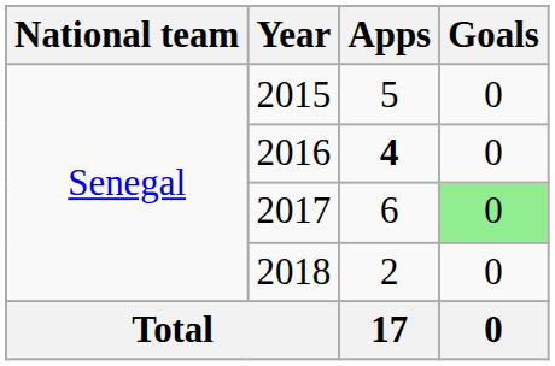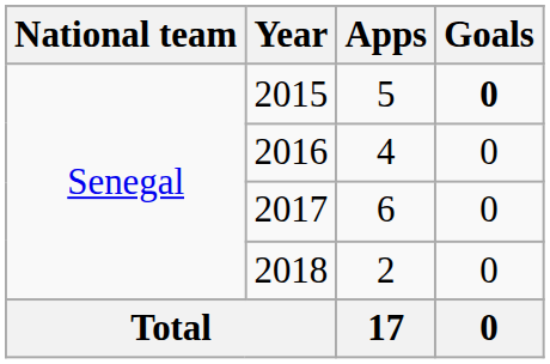 <table class="wikitable" style="text-align:center">
 <tr>
 <th>National team</th>
 <th>Year</th>
 <th>Apps</th>
 <th>Goals</th>
 </tr>
 <tr>
 <td rowspan="4"><a href='#'>Senegal</a></td>
 <td>2015</td>
 <td>5</td>
-<td>0</td>
+<td><strong>0</strong></td>
 </tr>
 <tr>
 <td>2016</td>
-<td><strong>4</strong></td>
+<td>4</td>
 <td>0</td>
 </tr>
 <tr>
 <td>2017</td>
 <td>6</td>
-<td style="background: lightgreen;">0</td>
+<td>0</td>
 </tr>
 <tr>
 <td>2018</td>
 <td>2</td>
 <td>0</td>
 </tr>
 <tr>
 <th colspan="2">Total</th>
 <th>17</th>
 <th>0</th>
 </tr>
 </table>
